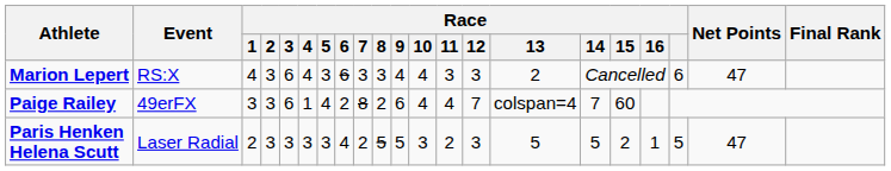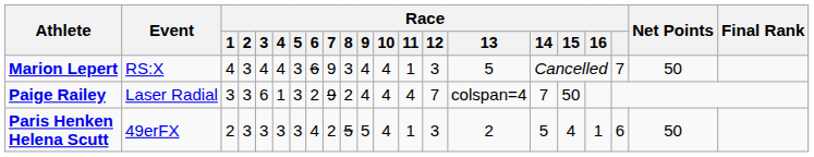 <table class="wikitable" style="font-size:90%">
 <tr>
 <th rowspan=2>Athlete</th>
 <th rowspan=2>Event</th>
 <th colspan=17>Race</th>
 <th rowspan=2>Net Points</th>
 <th rowspan=2>Final Rank</th>
 </tr>
 <tr style="font-size:95%">
 <th>1</th>
 <th>2</th>
 <th>3</th>
 <th>4</th>
 <th>5</th>
 <th>6</th>
 <th>7</th>
 <th>8</th>
 <th>9</th>
 <th>10</th>
 <th>11</th>
 <th>12</th>
 <th>13</th>
 <th>14</th>
 <th>15</th>
 <th>16</th>
 <th></th>
 </tr>
 <tr align=center>
 <td align=left><strong><a href='#'>Marion Lepert</a></strong></td>
 <td align=left><a href='#'>RS:X</a></td>
 <td>4</td>
 <td>3</td>
-<td>6</td>
+<td>4</td>
 <td>4</td>
 <td>3</td>
 <td><s>6</s></td>
-<td>3</td>
+<td>9</td>
 <td>3</td>
 <td>4</td>
 <td>4</td>
+<td>1</td>
 <td>3</td>
-<td>3</td>
-<td>2</td>
+<td>5</td>
 <td colspan=3><em>Cancelled</em></td>
-<td>6</td>
-<td>47</td>
+<td>7</td>
+<td>50</td>
 <td></td>
 </tr>
 <tr align=center>
 <td align=left><strong><a href='#'>Paige Railey</a></strong></td>
-<td align=left><a href='#'>49erFX</a></td>
+<td align=left><a href='#'>Laser Radial</a></td>
 <td>3</td>
 <td>3</td>
 <td>6</td>
 <td>1</td>
+<td>3</td>
+<td>2</td>
+<td><s>9</s></td>
+<td>2</td>
 <td>4</td>
-<td>2</td>
-<td><s>8</s></td>
-<td>2</td>
-<td>6</td>
 <td>4</td>
 <td>4</td>
 <td>7</td>
 <td>colspan=4 </td>
 <td>7</td>
-<td>60</td>
+<td>50</td>
 <td></td>
 </tr>
 <tr align=center>
 <td align=left><strong><a href='#'>Paris Henken</a><br><a href='#'>Helena Scutt</a></strong></td>
-<td align=left><a href='#'>Laser Radial</a></td>
+<td align=left><a href='#'>49erFX</a></td>
 <td>2</td>
 <td>3</td>
 <td>3</td>
 <td>3</td>
 <td>3</td>
 <td>4</td>
 <td>2</td>
 <td><s>5</s></td>
 <td>5</td>
+<td>4</td>
+<td>1</td>
 <td>3</td>
 <td>2</td>
-<td>3</td>
 <td>5</td>
-<td>5</td>
-<td>2</td>
+<td>4</td>
 <td>1</td>
-<td>5</td>
-<td>47</td>
+<td>6</td>
+<td>50</td>
 <td></td>
 </tr>
 </table>
